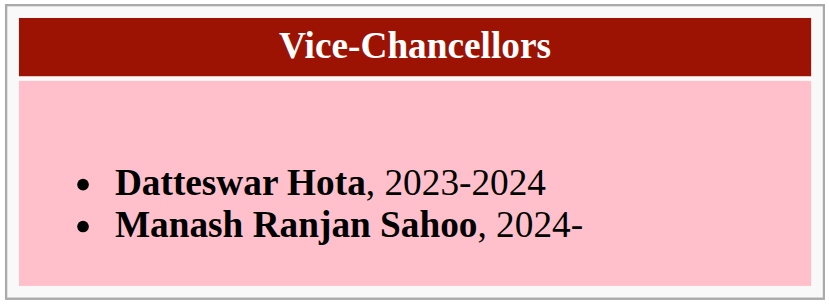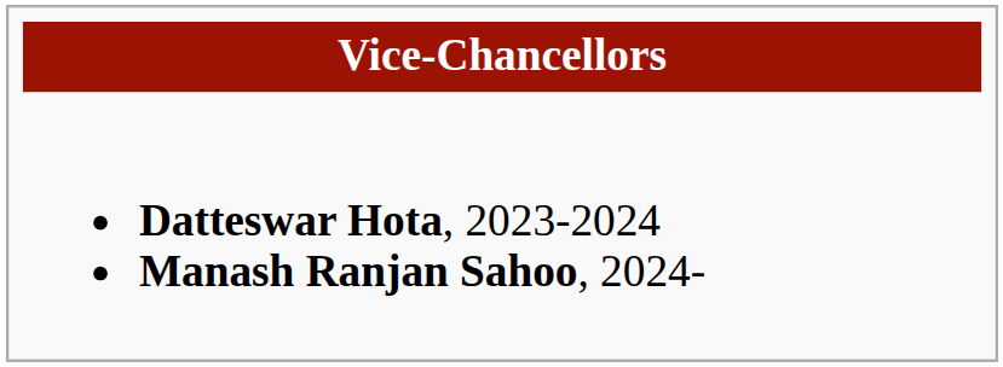 <table class="infobox" style="width:22em;">
 <tr>
 <th style="white-space: nowrap; background:#9C1304; text-align:center;;color:white;padding:.2em;">Vice-Chancellors</th>
 </tr>
 <tr>
-<td style="background: pink; text-align: left;"><br><ul><li><strong>Datteswar Hota</strong>, 2023-2024</li><li><strong>Manash Ranjan Sahoo</strong>, 2024-</li></ul></td>
+<td style="text-align: left;"><br><ul><li><strong>Datteswar Hota</strong>, 2023-2024</li><li><strong>Manash Ranjan Sahoo</strong>, 2024-</li></ul></td>
 </tr>
 </table>
